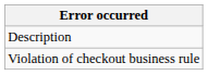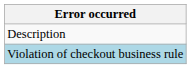 <table class="wikitable">
 <tr>
 <th>Error occurred</th>
 </tr>
 <tr>
 <td>Description</td>
 </tr>
 <tr>
-<td>Violation of checkout business rule</td>
+<td style="background: lightblue;">Violation of checkout business rule</td>
 </tr>
 </table>
